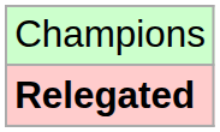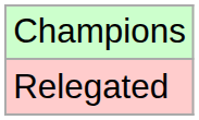 <table class="wikitable">
 <tr width=10px bgcolor="#ccffcc">
 <td>Champions</td>
 </tr>
 <tr width=10px bgcolor="#ffcccc">
-<td><strong>Relegated</strong></td>
+<td>Relegated</td>
 </tr>
 <tr>
 </tr>
 </table>
